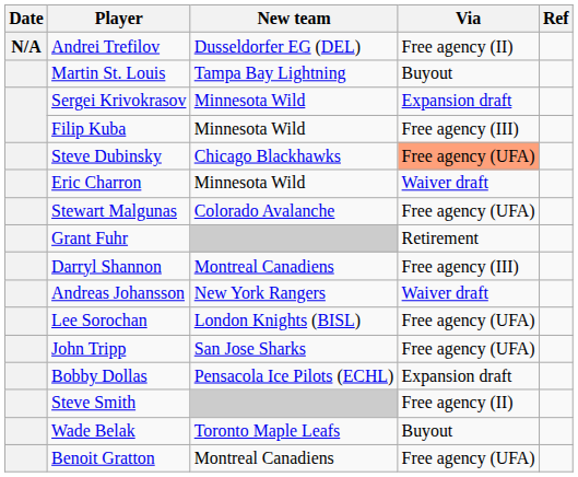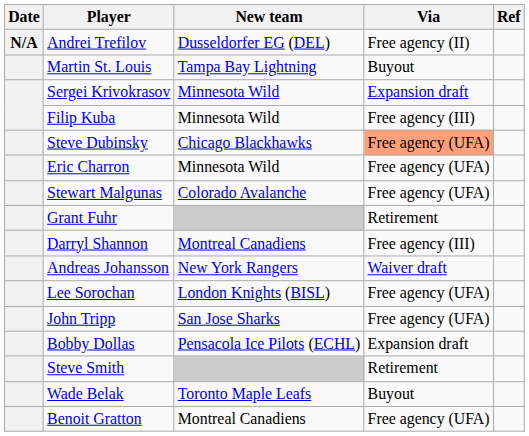 <table class="wikitable plainrowheaders">
 <tr style="background:#ddd; text-align:center;">
 <th>Date</th>
 <th>Player</th>
 <th>New team</th>
 <th>Via</th>
 <th>Ref</th>
 </tr>
 <tr>
 <th scope="row">N/A</th>
 <td><a href='#'>Andrei Trefilov</a></td>
 <td><a href='#'>Dusseldorfer EG</a> (<a href='#'>DEL</a>)</td>
 <td>Free agency (II)</td>
 <td></td>
 </tr>
 <tr>
 <th scope="row"></th>
 <td><a href='#'>Martin St. Louis</a></td>
 <td><a href='#'>Tampa Bay Lightning</a></td>
 <td>Buyout</td>
 <td></td>
 </tr>
 <tr>
 <th scope="row" rowspan=2></th>
 <td><a href='#'>Sergei Krivokrasov</a></td>
 <td><a href='#'>Minnesota Wild</a></td>
 <td><a href='#'>Expansion draft</a></td>
 <td></td>
 </tr>
 <tr>
 <td><a href='#'>Filip Kuba</a></td>
 <td>Minnesota Wild</td>
 <td>Free agency (III)</td>
 <td></td>
 </tr>
 <tr>
 <th scope="row"></th>
 <td><a href='#'>Steve Dubinsky</a></td>
 <td><a href='#'>Chicago Blackhawks</a></td>
 <td style="background: lightsalmon;">Free agency (UFA)</td>
 <td></td>
 </tr>
 <tr>
 <th scope="row"></th>
 <td><a href='#'>Eric Charron</a></td>
 <td>Minnesota Wild</td>
-<td><a href='#'>Waiver draft</a></td>
+<td>Free agency (UFA)</td>
 <td></td>
 </tr>
 <tr>
 <th scope="row"></th>
 <td><a href='#'>Stewart Malgunas</a></td>
 <td><a href='#'>Colorado Avalanche</a></td>
 <td>Free agency (UFA)</td>
 <td></td>
 </tr>
 <tr>
 <th scope="row"></th>
 <td><a href='#'>Grant Fuhr</a></td>
 <td style="background:#ccc"></td>
 <td>Retirement</td>
 <td></td>
 </tr>
 <tr>
 <th scope="row"></th>
 <td><a href='#'>Darryl Shannon</a></td>
 <td><a href='#'>Montreal Canadiens</a></td>
 <td>Free agency (III)</td>
 <td></td>
 </tr>
 <tr>
 <th scope="row"></th>
 <td><a href='#'>Andreas Johansson</a></td>
 <td><a href='#'>New York Rangers</a></td>
 <td><a href='#'>Waiver draft</a></td>
 <td></td>
 </tr>
 <tr>
 <th scope="row"></th>
 <td><a href='#'>Lee Sorochan</a></td>
 <td><a href='#'>London Knights</a> (<a href='#'>BISL</a>)</td>
 <td>Free agency (UFA)</td>
 <td></td>
 </tr>
 <tr>
 <th scope="row"></th>
 <td><a href='#'>John Tripp</a></td>
 <td><a href='#'>San Jose Sharks</a></td>
 <td>Free agency (UFA)</td>
 <td></td>
 </tr>
 <tr>
 <th scope="row"></th>
 <td><a href='#'>Bobby Dollas</a></td>
 <td><a href='#'>Pensacola Ice Pilots</a> (<a href='#'>ECHL</a>)</td>
 <td>Expansion draft</td>
 <td></td>
 </tr>
 <tr>
 <th scope="row"></th>
 <td><a href='#'>Steve Smith</a></td>
 <td style="background:#ccc"></td>
-<td>Free agency (II)</td>
+<td>Retirement</td>
 <td></td>
 </tr>
 <tr>
 <th scope="row"></th>
 <td><a href='#'>Wade Belak</a></td>
 <td><a href='#'>Toronto Maple Leafs</a></td>
 <td>Buyout</td>
 <td></td>
 </tr>
 <tr>
 <th scope="row"></th>
 <td><a href='#'>Benoit Gratton</a></td>
 <td>Montreal Canadiens</td>
 <td>Free agency (UFA)</td>
 <td></td>
 </tr>
 </table>
